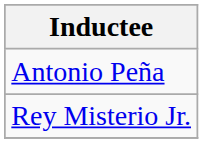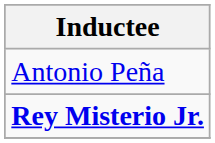 <table class="wikitable">
 <tr>
 <th>Inductee</th>
 </tr>
 <tr>
 <td><a href='#'>Antonio Peña</a></td>
 </tr>
 <tr>
-<td><a href='#'>Rey Misterio Jr.</a></td>
+<td><strong><a href='#'>Rey Misterio Jr.</a></strong></td>
 </tr>
 <tr>
 </tr>
 </table>
